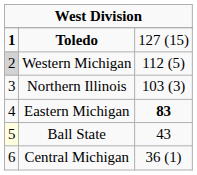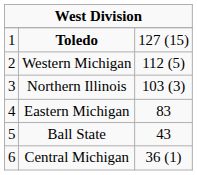 <table class="wikitable">
 <tr align="center">
 <td align="center" Colspan="3"><strong>West Division</strong></td>
 </tr>
 <tr align="center">
 </tr>
 <tr align="center">
-<td><strong>1</strong></td>
+<td>1</td>
 <td><strong>Toledo</strong></td>
 <td>127 (15)</td>
 </tr>
 <tr align="center">
-<td style="background: lightgrey;">2</td>
+<td>2</td>
 <td>Western Michigan</td>
 <td>112 (5)</td>
 </tr>
 <tr align="center">
 <td>3</td>
 <td>Northern Illinois</td>
 <td>103 (3)</td>
 </tr>
 <tr align="center">
 <td>4</td>
 <td>Eastern Michigan</td>
-<td><strong>83</strong></td>
+<td>83</td>
 </tr>
 <tr align="center">
-<td style="background: lightyellow;">5</td>
+<td>5</td>
 <td>Ball State</td>
 <td>43</td>
 </tr>
 <tr align="center">
 <td>6</td>
 <td>Central Michigan</td>
 <td>36 (1)</td>
 </tr>
 </table>
